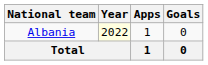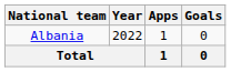 <table class="wikitable" style="text-align:center">
 <tr>
 <th>National team</th>
 <th>Year</th>
 <th>Apps</th>
 <th>Goals</th>
 </tr>
 <tr>
 <td rowspan="1"><a href='#'>Albania</a></td>
-<td style="background: lightyellow;">2022</td>
+<td>2022</td>
 <td>1</td>
 <td>0</td>
 </tr>
 <tr>
 <th colspan="2">Total</th>
 <th>1</th>
 <th>0</th>
 </tr>
 </table>
